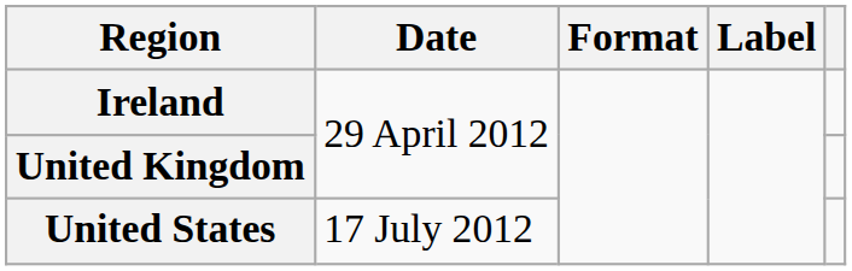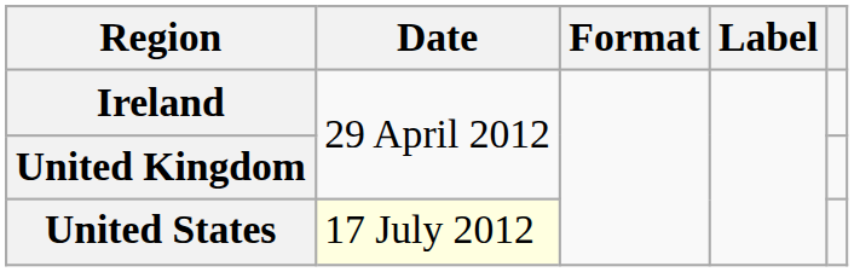 <table class="wikitable plainrowheaders unsortable">
 <tr>
 <th scope="col">Region</th>
 <th scope="col">Date</th>
 <th scope="col">Format</th>
 <th scope="col">Label</th>
 <th scope="col"></th>
 </tr>
 <tr>
 <th scope="row">Ireland</th>
 <td rowspan="2">29 April 2012</td>
 <td rowspan="3"></td>
 <td rowspan="3"></td>
 <td style="text-align:center;"></td>
 </tr>
 <tr>
 <th scope="row">United Kingdom</th>
 <td style="text-align:center;"></td>
 </tr>
 <tr>
 <th scope="row">United States</th>
-<td>17 July 2012</td>
+<td style="background: lightyellow;">17 July 2012</td>
 <td style="text-align:center;"></td>
 </tr>
 </table>
